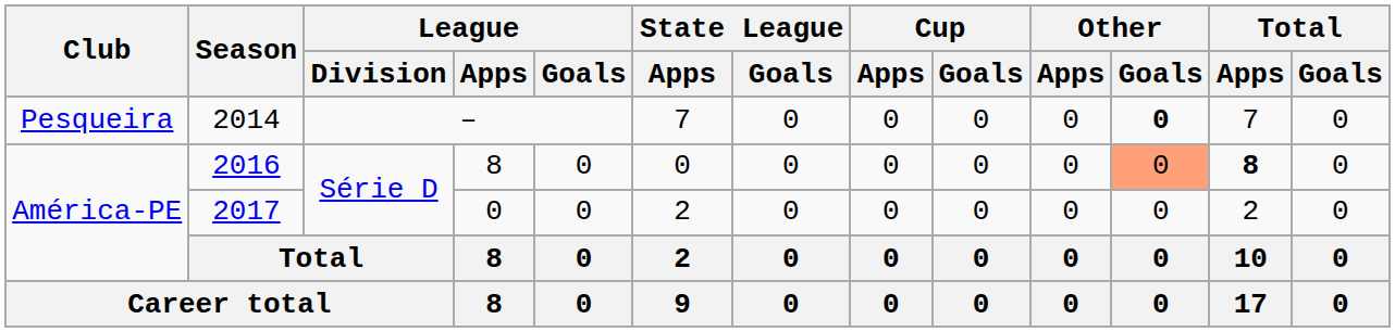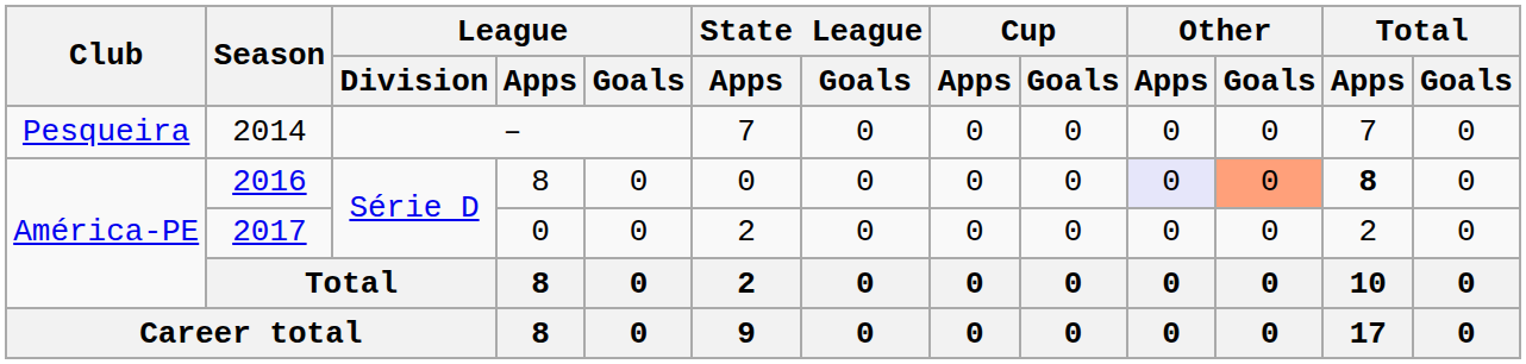 <table class="wikitable" style="text-align: center">
 <tr>
 <th rowspan="2">Club</th>
 <th rowspan="2">Season</th>
 <th colspan="3">League</th>
 <th colspan="2">State League</th>
 <th colspan="2">Cup</th>
 <th colspan="2">Other</th>
 <th colspan="2">Total</th>
 </tr>
 <tr>
 <th>Division</th>
 <th>Apps</th>
 <th>Goals</th>
 <th>Apps</th>
 <th>Goals</th>
 <th>Apps</th>
 <th>Goals</th>
 <th>Apps</th>
 <th>Goals</th>
 <th>Apps</th>
 <th>Goals</th>
 </tr>
 <tr>
 <td><a href='#'>Pesqueira</a></td>
 <td>2014</td>
 <td colspan="3">–</td>
 <td>7</td>
 <td>0</td>
 <td>0</td>
 <td>0</td>
 <td>0</td>
-<td><strong>0</strong></td>
+<td>0</td>
 <td>7</td>
 <td>0</td>
 </tr>
 <tr>
 <td rowspan="3"><a href='#'>América-PE</a></td>
 <td><a href='#'>2016</a></td>
 <td rowspan="2"><a href='#'>Série D</a></td>
 <td>8</td>
 <td>0</td>
 <td>0</td>
 <td>0</td>
 <td>0</td>
 <td>0</td>
-<td>0</td>
+<td style="background: lavender;">0</td>
 <td style="background: lightsalmon;">0</td>
 <td><strong>8</strong></td>
 <td>0</td>
 </tr>
 <tr>
 <td><a href='#'>2017</a></td>
 <td>0</td>
 <td>0</td>
 <td>2</td>
 <td>0</td>
 <td>0</td>
 <td>0</td>
 <td>0</td>
 <td>0</td>
 <td>2</td>
 <td>0</td>
 </tr>
 <tr>
 <th colspan="2"><strong>Total</strong></th>
 <th>8</th>
 <th>0</th>
 <th>2</th>
 <th>0</th>
 <th>0</th>
 <th>0</th>
 <th>0</th>
 <th>0</th>
 <th>10</th>
 <th>0</th>
 </tr>
 <tr>
 <th colspan="3"><strong>Career total</strong></th>
 <th>8</th>
 <th>0</th>
 <th>9</th>
 <th>0</th>
 <th>0</th>
 <th>0</th>
 <th>0</th>
 <th>0</th>
 <th>17</th>
 <th>0</th>
 </tr>
 </table>
